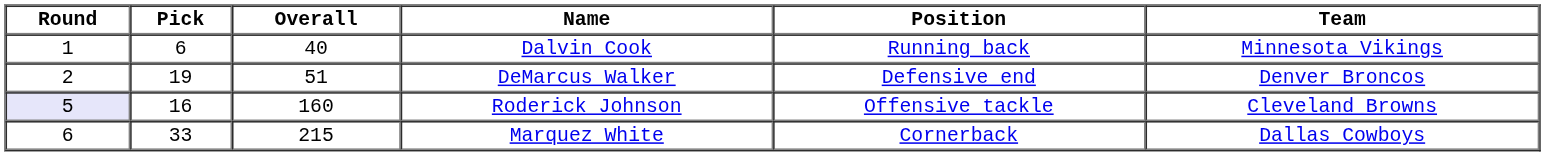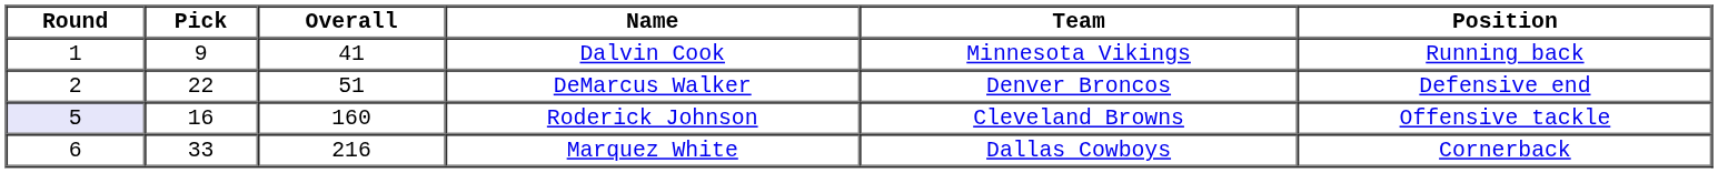 <table cellpadding="1" border="1" cellspacing="0" width="80%">
 <tr>
 <th>Round</th>
 <th>Pick</th>
 <th>Overall</th>
 <th>Name</th>
+<th>Team</th>
 <th>Position</th>
-<th>Team</th>
 </tr>
 <tr align="center">
 <td>1</td>
-<td>6</td>
-<td>40</td>
+<td>9</td>
+<td>41</td>
 <td><a href='#'>Dalvin Cook</a></td>
+<td><a href='#'>Minnesota Vikings</a></td>
 <td><a href='#'>Running back</a></td>
-<td><a href='#'>Minnesota Vikings</a></td>
 </tr>
 <tr align="center">
 <td>2</td>
-<td>19</td>
+<td>22</td>
 <td>51</td>
 <td><a href='#'>DeMarcus Walker</a></td>
+<td><a href='#'>Denver Broncos</a></td>
 <td><a href='#'>Defensive end</a></td>
-<td><a href='#'>Denver Broncos</a></td>
 </tr>
 <tr align="center">
 <td style="background: lavender;">5</td>
 <td>16</td>
 <td>160</td>
 <td><a href='#'>Roderick Johnson</a></td>
+<td><a href='#'>Cleveland Browns</a></td>
 <td><a href='#'>Offensive tackle</a></td>
-<td><a href='#'>Cleveland Browns</a></td>
 </tr>
 <tr align="center">
 <td>6</td>
 <td>33</td>
-<td>215</td>
+<td>216</td>
 <td><a href='#'>Marquez White</a></td>
+<td><a href='#'>Dallas Cowboys</a></td>
 <td><a href='#'>Cornerback</a></td>
-<td><a href='#'>Dallas Cowboys</a></td>
 </tr>
 </table>
